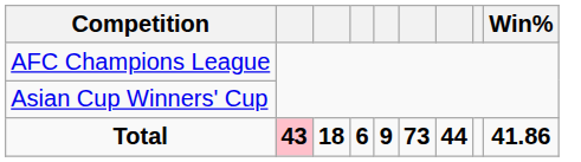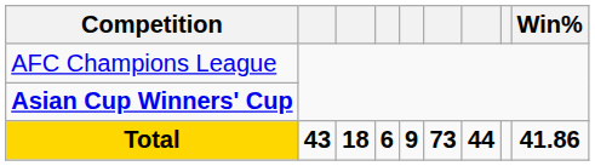 <table class="sortable wikitable" style="text-align:center;">
 <tr>
 <th>Competition</th>
 <th></th>
 <th></th>
 <th></th>
 <th></th>
 <th></th>
 <th></th>
 <th></th>
 <th>Win%</th>
 </tr>
 <tr>
 <td align=left><a href='#'>AFC Champions League</a><br></td>
 </tr>
 <tr>
-<td align=left><a href='#'>Asian Cup Winners' Cup</a><br></td>
+<td align=left><strong><a href='#'>Asian Cup Winners' Cup</a><br></strong></td>
 </tr>
 <tr class="sortbottom">
-<td><strong>Total</strong></td>
-<td style="background: pink;"><strong>43</strong></td>
+<td style="background: gold;"><strong>Total</strong></td>
+<td><strong>43</strong></td>
 <td><strong>18</strong></td>
 <td><strong>6</strong></td>
 <td><strong>9</strong></td>
 <td><strong>73</strong></td>
 <td><strong>44</strong></td>
 <td></td>
 <td><strong>41.86</strong></td>
 </tr>
 </table>
